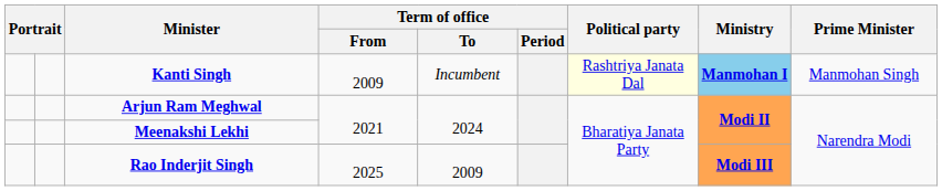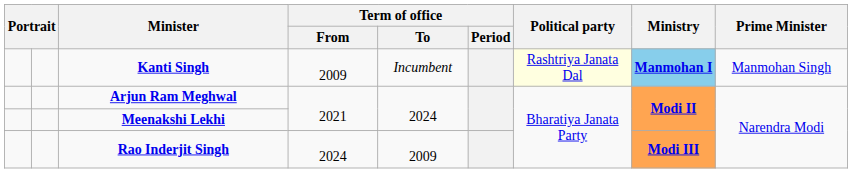 <table class="wikitable" style="text-align:center">
 <tr>
 <th rowspan="2" colspan="2">Portrait</th>
 <th rowspan="2" style="width:16em">Minister<br></th>
 <th colspan="3">Term of office</th>
 <th rowspan="2" style="width:8em">Political party</th>
 <th rowspan="2">Ministry</th>
 <th rowspan="2" style="width:9em">Prime Minister</th>
 </tr>
 <tr>
 <th style="width:6em">From</th>
 <th style="width:6em">To</th>
 <th>Period</th>
 </tr>
 <tr>
 <td></td>
 <td></td>
 <td><strong><a href='#'>Kanti Singh</a></strong><br></td>
 <td><br>2009</td>
 <td><em>Incumbent</em></td>
 <th></th>
 <td style="background: lightyellow;"><a href='#'>Rashtriya Janata Dal</a></td>
 <td bgcolor="#87CEEB"><a href='#'><strong>Manmohan I</strong></a></td>
 <td><a href='#'>Manmohan Singh</a></td>
 </tr>
 <tr>
 <td></td>
 <td></td>
 <td><strong><a href='#'>Arjun Ram Meghwal</a></strong><br></td>
 <td rowspan="2"><br>2021</td>
 <td rowspan="2"><br>2024</td>
 <th rowspan="2"><br></th>
 <td rowspan="3"><a href='#'>Bharatiya Janata Party</a></td>
 <td rowspan="2" style="background:#FFA551;"><strong><a href='#'>Modi II</a></strong></td>
 <td rowspan="3"><a href='#'>Narendra Modi</a></td>
 </tr>
 <tr>
 <td></td>
 <td></td>
 <td><strong><a href='#'>Meenakshi Lekhi</a></strong><br></td>
 </tr>
 <tr>
 <td></td>
 <td></td>
 <td><strong><a href='#'>Rao Inderjit Singh</a></strong><br></td>
-<td><br>2025</td>
+<td><br>2024</td>
 <td><br>2009</td>
 <th></th>
 <td bgcolor="#FFA551"><a href='#'><strong>Modi III</strong></a></td>
 </tr>
 </table>
